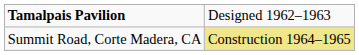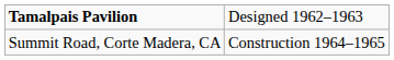 <table class="wikitable" style="text-align:left">
 <tr>
 <td><strong>Tamalpais Pavilion</strong></td>
 <td>Designed 1962–1963</td>
 </tr>
 <tr>
 <td>Summit Road, Corte Madera, CA</td>
-<td style="background: khaki;">Construction 1964–1965</td>
+<td>Construction 1964–1965</td>
 </tr>
 </table>
